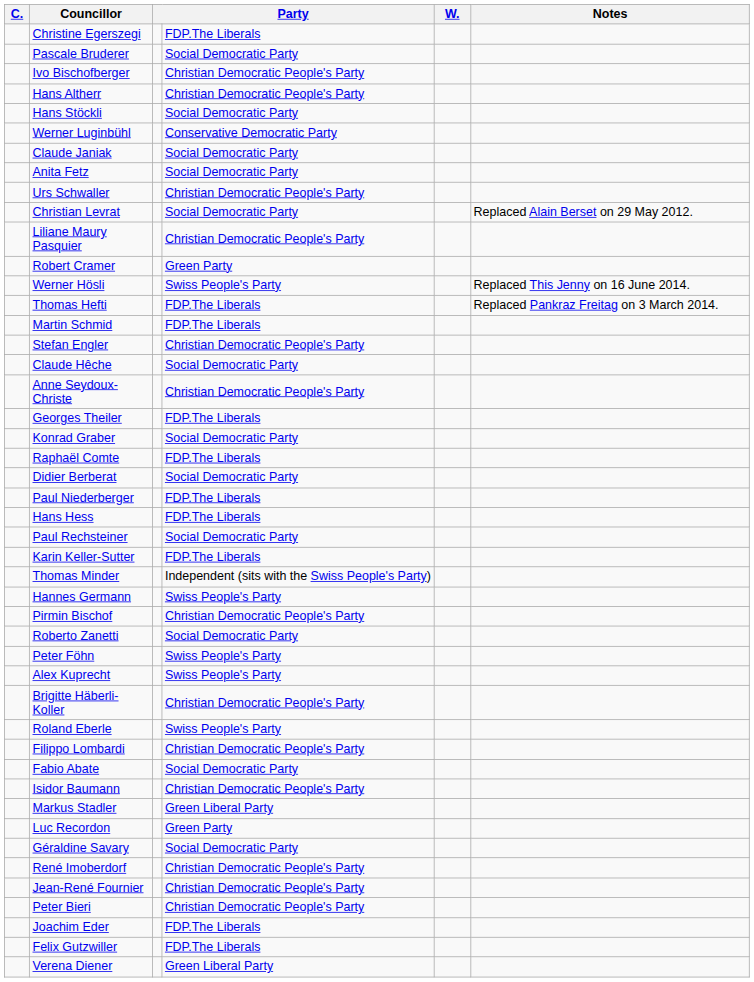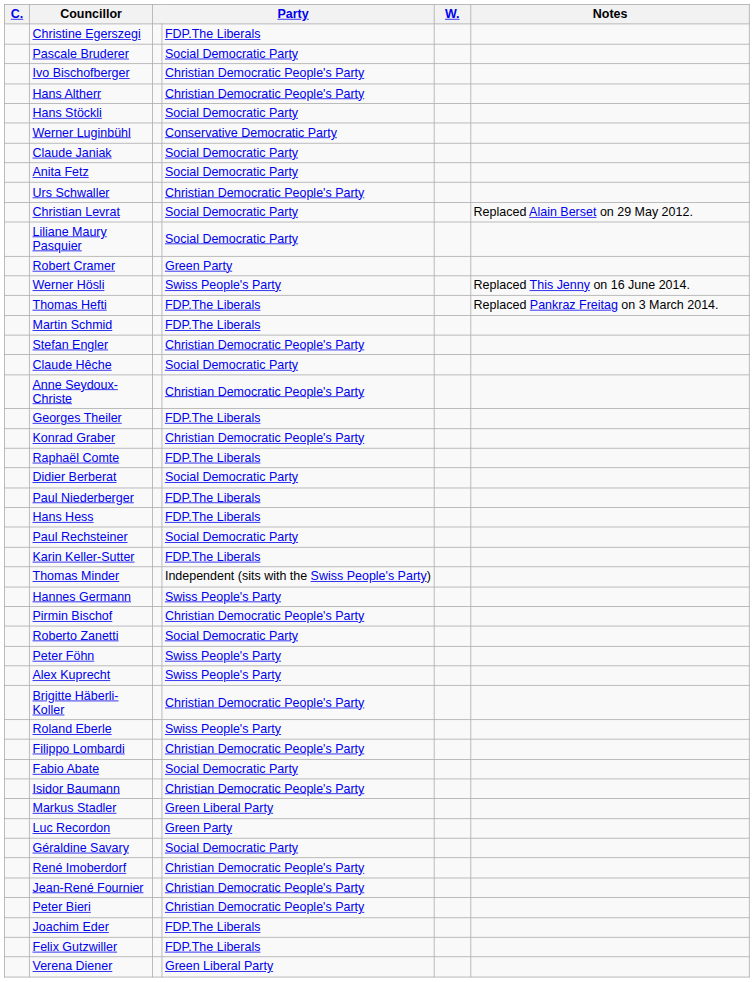 <table class="wikitable sortable">
 <tr>
 <th width=25px><a href='#'>C.</a></th>
 <th width=150px>Councillor</th>
 <th colspan=2 width=250px><a href='#'>Party</a></th>
 <th width=40px><a href='#'>W.</a></th>
 <th width=350px>Notes</th>
 </tr>
 <tr>
 <td></td>
 <td><a href='#'>Christine Egerszegi</a></td>
 <td width=5px style="background-color: "></td>
 <td><a href='#'>FDP.The Liberals</a></td>
 <td></td>
 <td></td>
 </tr>
 <tr>
 <td></td>
 <td><a href='#'>Pascale Bruderer</a></td>
 <td style="background-color: "></td>
 <td><a href='#'>Social Democratic Party</a></td>
 <td></td>
 <td></td>
 </tr>
 <tr>
 <td></td>
 <td><a href='#'>Ivo Bischofberger</a></td>
 <td style="background-color: "></td>
 <td><a href='#'>Christian Democratic People's Party</a></td>
 <td></td>
 <td></td>
 </tr>
 <tr>
 <td></td>
 <td><a href='#'>Hans Altherr</a></td>
 <td style="background-color: "></td>
 <td><a href='#'>Christian Democratic People's Party</a></td>
 <td></td>
 <td></td>
 </tr>
 <tr>
 <td></td>
 <td><a href='#'>Hans Stöckli</a></td>
 <td style="background-color: "></td>
 <td><a href='#'>Social Democratic Party</a></td>
 <td></td>
 <td></td>
 </tr>
 <tr>
 <td></td>
 <td><a href='#'>Werner Luginbühl</a></td>
 <td style="background-color: "></td>
 <td><a href='#'>Conservative Democratic Party</a></td>
 <td></td>
 <td></td>
 </tr>
 <tr>
 <td></td>
 <td><a href='#'>Claude Janiak</a></td>
 <td style="background-color: "></td>
 <td><a href='#'>Social Democratic Party</a></td>
 <td></td>
 <td></td>
 </tr>
 <tr>
 <td></td>
 <td><a href='#'>Anita Fetz</a></td>
 <td style="background-color: "></td>
 <td><a href='#'>Social Democratic Party</a></td>
 <td></td>
 <td></td>
 </tr>
 <tr>
 <td></td>
 <td><a href='#'>Urs Schwaller</a></td>
 <td style="background-color: "></td>
 <td><a href='#'>Christian Democratic People's Party</a></td>
 <td></td>
 <td></td>
 </tr>
 <tr>
 <td></td>
 <td><a href='#'>Christian Levrat</a></td>
 <td style="background-color: "></td>
 <td><a href='#'>Social Democratic Party</a></td>
 <td></td>
 <td>Replaced <a href='#'>Alain Berset</a> on 29 May 2012.</td>
 </tr>
 <tr>
 <td></td>
 <td><a href='#'>Liliane Maury Pasquier</a></td>
 <td style="background-color: "></td>
-<td><a href='#'>Christian Democratic People's Party</a></td>
+<td><a href='#'>Social Democratic Party</a></td>
 <td></td>
 <td></td>
 </tr>
 <tr>
 <td></td>
 <td><a href='#'>Robert Cramer</a></td>
 <td style="background-color: "></td>
 <td><a href='#'>Green Party</a></td>
 <td></td>
 <td></td>
 </tr>
 <tr>
 <td></td>
 <td><a href='#'>Werner Hösli</a></td>
 <td style="background-color: "></td>
 <td><a href='#'>Swiss People's Party</a></td>
 <td></td>
 <td>Replaced <a href='#'>This Jenny</a> on 16 June 2014.</td>
 </tr>
 <tr>
 <td></td>
 <td><a href='#'>Thomas Hefti</a></td>
 <td style="background-color: "></td>
 <td><a href='#'>FDP.The Liberals</a></td>
 <td></td>
 <td>Replaced <a href='#'>Pankraz Freitag</a> on 3 March 2014.</td>
 </tr>
 <tr>
 <td></td>
 <td><a href='#'>Martin Schmid</a></td>
 <td style="background-color: "></td>
 <td><a href='#'>FDP.The Liberals</a></td>
 <td></td>
 <td></td>
 </tr>
 <tr>
 <td></td>
 <td><a href='#'>Stefan Engler</a></td>
 <td style="background-color: "></td>
 <td><a href='#'>Christian Democratic People's Party</a></td>
 <td></td>
 <td></td>
 </tr>
 <tr>
 <td></td>
 <td><a href='#'>Claude Hêche</a></td>
 <td style="background-color: "></td>
 <td><a href='#'>Social Democratic Party</a></td>
 <td></td>
 <td></td>
 </tr>
 <tr>
 <td></td>
 <td><a href='#'>Anne Seydoux-Christe</a></td>
 <td style="background-color: "></td>
 <td><a href='#'>Christian Democratic People's Party</a></td>
 <td></td>
 <td></td>
 </tr>
 <tr>
 <td></td>
 <td><a href='#'>Georges Theiler</a></td>
 <td style="background-color: "></td>
 <td><a href='#'>FDP.The Liberals</a></td>
 <td></td>
 <td></td>
 </tr>
 <tr>
 <td></td>
 <td><a href='#'>Konrad Graber</a></td>
 <td style="background-color: "></td>
-<td><a href='#'>Social Democratic Party</a></td>
+<td><a href='#'>Christian Democratic People's Party</a></td>
 <td></td>
 <td></td>
 </tr>
 <tr>
 <td></td>
 <td><a href='#'>Raphaël Comte</a></td>
 <td style="background-color: "></td>
 <td><a href='#'>FDP.The Liberals</a></td>
 <td></td>
 <td></td>
 </tr>
 <tr>
 <td></td>
 <td><a href='#'>Didier Berberat</a></td>
 <td style="background-color: "></td>
 <td><a href='#'>Social Democratic Party</a></td>
 <td></td>
 <td></td>
 </tr>
 <tr>
 <td></td>
 <td><a href='#'>Paul Niederberger</a></td>
 <td style="background-color: "></td>
 <td><a href='#'>FDP.The Liberals</a></td>
 <td></td>
 <td></td>
 </tr>
 <tr>
 <td></td>
 <td><a href='#'>Hans Hess</a></td>
 <td style="background-color: "></td>
 <td><a href='#'>FDP.The Liberals</a></td>
 <td></td>
 <td></td>
 </tr>
 <tr>
 <td></td>
 <td><a href='#'>Paul Rechsteiner</a></td>
 <td style="background-color: "></td>
 <td><a href='#'>Social Democratic Party</a></td>
 <td></td>
 <td></td>
 </tr>
 <tr>
 <td></td>
 <td><a href='#'>Karin Keller-Sutter</a></td>
 <td style="background-color: "></td>
 <td><a href='#'>FDP.The Liberals</a></td>
 <td></td>
 <td></td>
 </tr>
 <tr>
 <td></td>
 <td><a href='#'>Thomas Minder</a></td>
 <td style="background-color: "></td>
 <td>Independent (sits with the <a href='#'>Swiss People's Party</a>)</td>
 <td></td>
 <td></td>
 </tr>
 <tr>
 <td></td>
 <td><a href='#'>Hannes Germann</a></td>
 <td style="background-color: "></td>
 <td><a href='#'>Swiss People's Party</a></td>
 <td></td>
 <td></td>
 </tr>
 <tr>
 <td></td>
 <td><a href='#'>Pirmin Bischof</a></td>
 <td style="background-color: "></td>
 <td><a href='#'>Christian Democratic People's Party</a></td>
 <td></td>
 <td></td>
 </tr>
 <tr>
 <td></td>
 <td><a href='#'>Roberto Zanetti</a></td>
 <td style="background-color: "></td>
 <td><a href='#'>Social Democratic Party</a></td>
 <td></td>
 <td></td>
 </tr>
 <tr>
 <td></td>
 <td><a href='#'>Peter Föhn</a></td>
 <td style="background-color: "></td>
 <td><a href='#'>Swiss People's Party</a></td>
 <td></td>
 <td></td>
 </tr>
 <tr>
 <td></td>
 <td><a href='#'>Alex Kuprecht</a></td>
 <td style="background-color: "></td>
 <td><a href='#'>Swiss People's Party</a></td>
 <td></td>
 <td></td>
 </tr>
 <tr>
 <td></td>
 <td><a href='#'>Brigitte Häberli-Koller</a></td>
 <td style="background-color: "></td>
 <td><a href='#'>Christian Democratic People's Party</a></td>
 <td></td>
 <td></td>
 </tr>
 <tr>
 <td></td>
 <td><a href='#'>Roland Eberle</a></td>
 <td style="background-color: "></td>
 <td><a href='#'>Swiss People's Party</a></td>
 <td></td>
 <td></td>
 </tr>
 <tr>
 <td></td>
 <td><a href='#'>Filippo Lombardi</a></td>
 <td style="background-color: "></td>
 <td><a href='#'>Christian Democratic People's Party</a></td>
 <td></td>
 <td></td>
 </tr>
 <tr>
 <td></td>
 <td><a href='#'>Fabio Abate</a></td>
 <td style="background-color: "></td>
 <td><a href='#'>Social Democratic Party</a></td>
 <td></td>
 <td></td>
 </tr>
 <tr>
 <td></td>
 <td><a href='#'>Isidor Baumann</a></td>
 <td style="background-color: "></td>
 <td><a href='#'>Christian Democratic People's Party</a></td>
 <td></td>
 <td></td>
 </tr>
 <tr>
 <td></td>
 <td><a href='#'>Markus Stadler</a></td>
 <td style="background-color: "></td>
 <td><a href='#'>Green Liberal Party</a></td>
 <td></td>
 <td></td>
 </tr>
 <tr>
 <td></td>
 <td><a href='#'>Luc Recordon</a></td>
 <td style="background-color: "></td>
 <td><a href='#'>Green Party</a></td>
 <td></td>
 <td></td>
 </tr>
 <tr>
 <td></td>
 <td><a href='#'>Géraldine Savary</a></td>
 <td style="background-color: "></td>
 <td><a href='#'>Social Democratic Party</a></td>
 <td></td>
 <td></td>
 </tr>
 <tr>
 <td></td>
 <td><a href='#'>René Imoberdorf</a></td>
 <td style="background-color: "></td>
 <td><a href='#'>Christian Democratic People's Party</a></td>
 <td></td>
 <td></td>
 </tr>
 <tr>
 <td></td>
 <td><a href='#'>Jean-René Fournier</a></td>
 <td style="background-color: "></td>
 <td><a href='#'>Christian Democratic People's Party</a></td>
 <td></td>
 <td></td>
 </tr>
 <tr>
 <td></td>
 <td><a href='#'>Peter Bieri</a></td>
 <td style="background-color: "></td>
 <td><a href='#'>Christian Democratic People's Party</a></td>
 <td></td>
 <td></td>
 </tr>
 <tr>
 <td></td>
 <td><a href='#'>Joachim Eder</a></td>
 <td style="background-color: "></td>
 <td><a href='#'>FDP.The Liberals</a></td>
 <td></td>
 <td></td>
 </tr>
 <tr>
 <td></td>
 <td><a href='#'>Felix Gutzwiller</a></td>
 <td style="background-color: "></td>
 <td><a href='#'>FDP.The Liberals</a></td>
 <td></td>
 <td></td>
 </tr>
 <tr>
 <td></td>
 <td><a href='#'>Verena Diener</a></td>
 <td style="background-color: "></td>
 <td><a href='#'>Green Liberal Party</a></td>
 <td></td>
 <td></td>
 </tr>
 </table>
